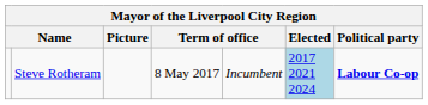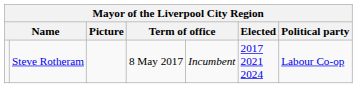 <table class="wikitable">
 <tr>
 <th colspan="7"><strong>Mayor of the Liverpool City Region</strong></th>
 </tr>
 <tr>
 <th colspan="2">Name</th>
 <th>Picture</th>
 <th colspan="2">Term of office</th>
 <th>Elected</th>
 <th>Political party</th>
 </tr>
 <tr>
 <td style="background-color: "></td>
 <td><a href='#'>Steve Rotheram</a></td>
 <td></td>
 <td>8 May 2017</td>
 <td><em>Incumbent</em></td>
-<td style="background: lightblue;"><a href='#'>2017</a><br><a href='#'>2021</a><br><a href='#'>2024</a></td>
-<td><strong><a href='#'>Labour Co-op</a></strong></td>
+<td><a href='#'>2017</a><br><a href='#'>2021</a><br><a href='#'>2024</a></td>
+<td><a href='#'>Labour Co-op</a></td>
 </tr>
 </table>
